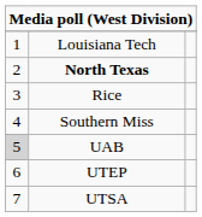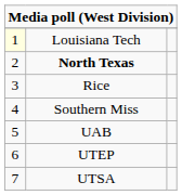 <table class="wikitable" style="display: inline-table;">
 <tr>
 <td align="center" Colspan="3"><strong>Media poll (West Division)</strong></td>
 </tr>
 <tr align="center">
 </tr>
 <tr align="center">
-<td>1</td>
+<td style="background: lightyellow;">1</td>
 <td>Louisiana Tech</td>
 <td></td>
 </tr>
 <tr align="center">
 <td>2</td>
 <td><strong>North Texas</strong></td>
 <td></td>
 </tr>
 <tr align="center">
 <td>3</td>
 <td>Rice</td>
 <td></td>
 </tr>
 <tr align="center">
 <td>4</td>
 <td>Southern Miss</td>
 <td></td>
 </tr>
 <tr align="center">
-<td style="background: lightgrey;">5</td>
+<td>5</td>
 <td>UAB</td>
 <td></td>
 </tr>
 <tr align="center">
 <td>6</td>
 <td>UTEP</td>
 <td></td>
 </tr>
 <tr align="center">
 <td>7</td>
 <td>UTSA</td>
 <td></td>
 </tr>
 </table>
